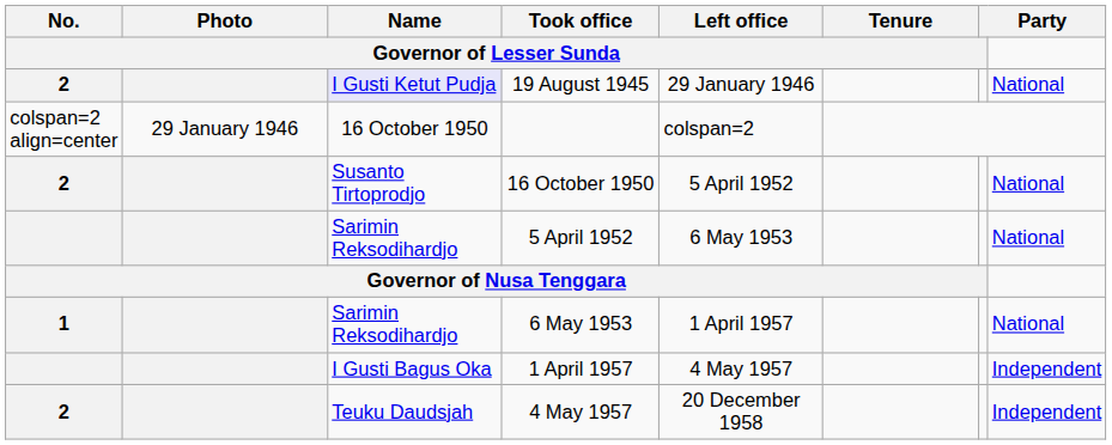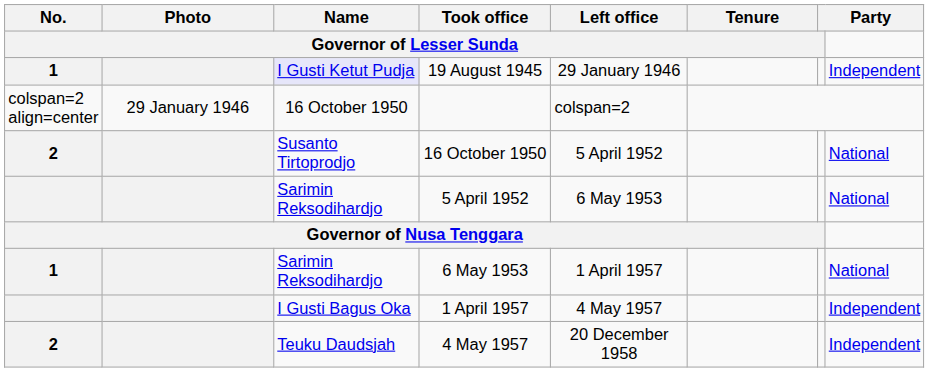 <table class="wikitable" style="text-align:left; font-size:97%">
 <tr>
 <th width=30px>No.</th>
 <th width=200px>Photo</th>
 <th width=145px>Name</th>
 <th width=145px>Took office</th>
 <th width=145px>Left office</th>
 <th width=145px>Tenure</th>
 <th width=138px colspan=2>Party</th>
 </tr>
 <tr>
 <th align=center colspan=7>Governor of <a href='#'>Lesser Sunda</a></th>
 </tr>
 <tr>
-<th align=center>2</th>
+<th align=center>1</th>
 <th></th>
 <td style="background: lavender;"><a href='#'>I Gusti Ketut Pudja</a></td>
 <td align=center>19 August 1945</td>
 <td align=center>29 January 1946</td>
 <td align=center></td>
 <td bgcolor=></td>
-<td><a href='#'>National</a></td>
+<td><a href='#'>Independent</a></td>
 </tr>
 <tr>
 <td>colspan=2 align=center </td>
 <td align=center>29 January 1946</td>
 <td align=center>16 October 1950</td>
 <td align=center></td>
 <td>colspan=2 </td>
 </tr>
 <tr>
 <th align=center>2</th>
 <th></th>
 <td><a href='#'>Susanto Tirtoprodjo</a></td>
 <td align=center>16 October 1950</td>
 <td align=center>5 April 1952</td>
 <td align=center></td>
 <td bgcolor=></td>
 <td><a href='#'>National</a></td>
 </tr>
 <tr>
 <th></th>
 <th></th>
 <td><a href='#'>Sarimin Reksodihardjo</a></td>
 <td align=center>5 April 1952</td>
 <td align=center>6 May 1953</td>
 <td align=center></td>
 <td bgcolor=></td>
 <td><a href='#'>National</a></td>
 </tr>
 <tr>
 <th align=center colspan=7>Governor of <a href='#'>Nusa Tenggara</a></th>
 </tr>
 <tr>
 <th align=center>1</th>
 <th></th>
 <td><a href='#'>Sarimin Reksodihardjo</a></td>
 <td align=center>6 May 1953</td>
 <td align=center>1 April 1957</td>
 <td align=center></td>
 <td bgcolor=></td>
 <td><a href='#'>National</a></td>
 </tr>
 <tr>
 <th></th>
 <th></th>
 <td><a href='#'>I Gusti Bagus Oka</a></td>
 <td align=center>1 April 1957</td>
 <td align=center>4 May 1957</td>
 <td align=center></td>
 <td bgcolor=></td>
 <td><a href='#'>Independent</a></td>
 </tr>
 <tr>
 <th align=center>2</th>
 <th></th>
 <td><a href='#'>Teuku Daudsjah</a></td>
 <td align=center>4 May 1957</td>
 <td align=center>20 December 1958</td>
 <td align=center></td>
 <td bgcolor=></td>
 <td><a href='#'>Independent</a></td>
 </tr>
 </table>
